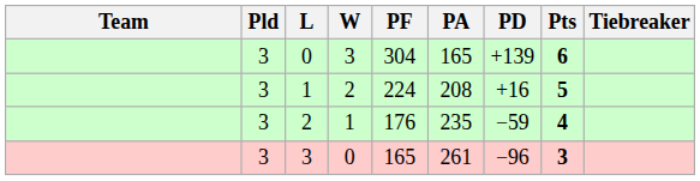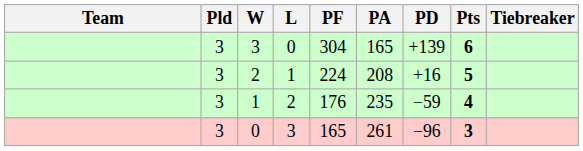 <table class="wikitable" style="text-align:center;">
 <tr>
 <th width=170>Team</th>
 <th width=25>Pld</th>
+<th width=25>W</th>
 <th width=25>L</th>
-<th width=25>W</th>
 <th width=35>PF</th>
 <th width=35>PA</th>
 <th width=35>PD</th>
 <th width=25>Pts</th>
 <th width=50>Tiebreaker</th>
 </tr>
 <tr bgcolor=ccffcc>
 <td align="left"></td>
 <td>3</td>
+<td>3</td>
 <td>0</td>
-<td>3</td>
 <td>304</td>
 <td>165</td>
 <td>+139</td>
 <td><strong>6</strong></td>
 <td></td>
 </tr>
 <tr bgcolor=ccffcc>
 <td align="left"></td>
 <td>3</td>
+<td>2</td>
 <td>1</td>
-<td>2</td>
 <td>224</td>
 <td>208</td>
 <td>+16</td>
 <td><strong>5</strong></td>
 <td></td>
 </tr>
 <tr bgcolor=ccffcc>
 <td align="left"></td>
 <td>3</td>
+<td>1</td>
 <td>2</td>
-<td>1</td>
 <td>176</td>
 <td>235</td>
 <td>−59</td>
 <td><strong>4</strong></td>
 <td></td>
 </tr>
 <tr bgcolor=ffcccc>
 <td align="left"></td>
 <td>3</td>
+<td>0</td>
 <td>3</td>
-<td>0</td>
 <td>165</td>
 <td>261</td>
 <td>−96</td>
 <td><strong>3</strong></td>
 <td></td>
 </tr>
 </table>
